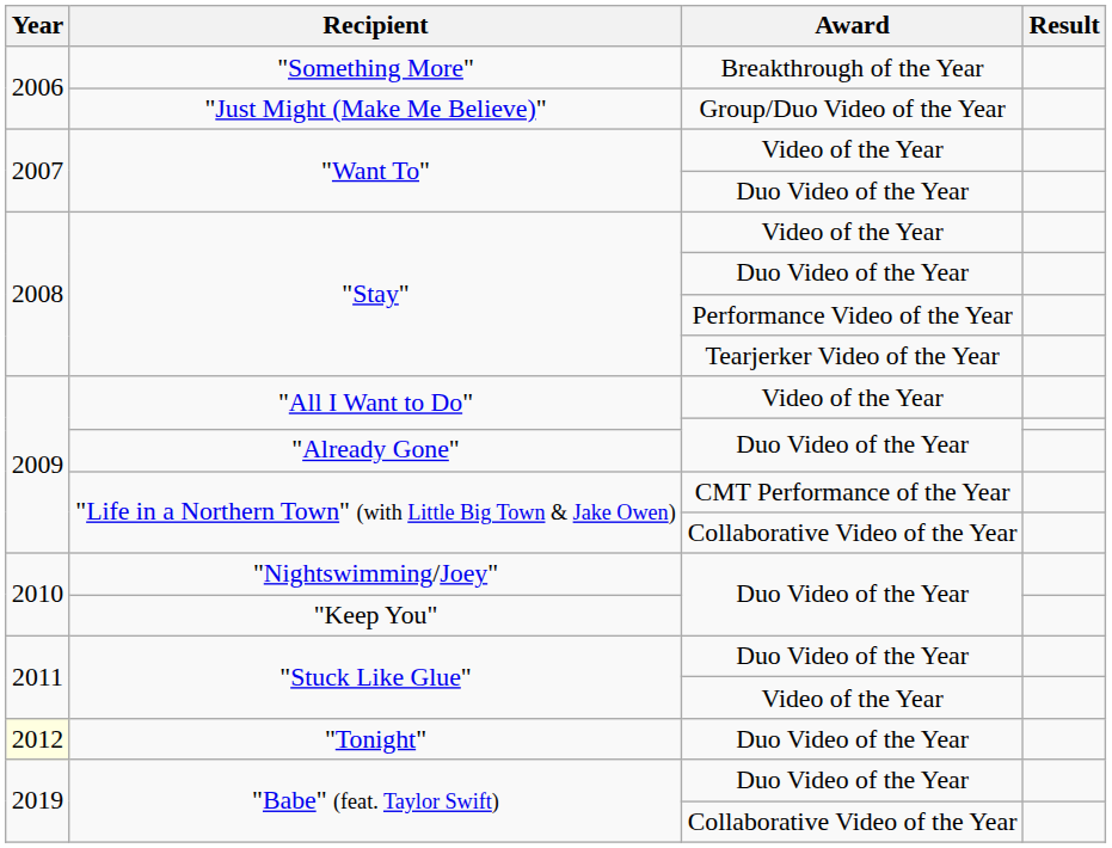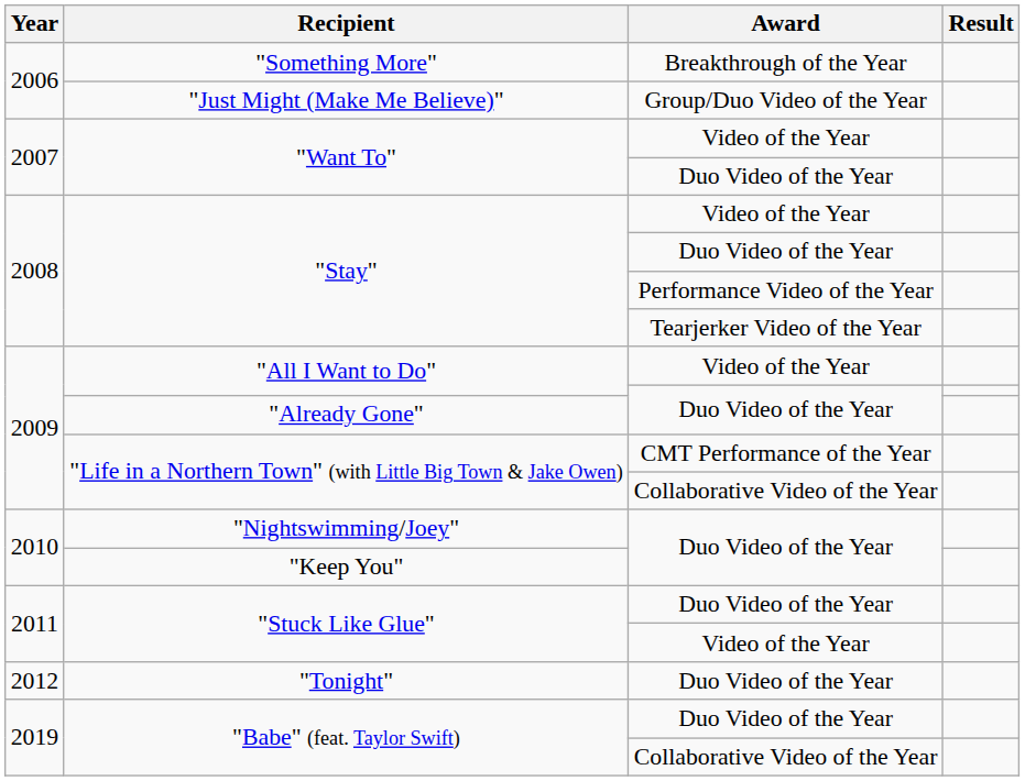 <table class="wikitable" style="text-align:center">
 <tr>
 <th>Year</th>
 <th>Recipient</th>
 <th>Award</th>
 <th>Result</th>
 </tr>
 <tr>
 <td rowspan="2">2006</td>
 <td>"<a href='#'>Something More</a>"</td>
 <td>Breakthrough of the Year</td>
 <td></td>
 </tr>
 <tr>
 <td>"<a href='#'>Just Might (Make Me Believe)</a>"</td>
 <td>Group/Duo Video of the Year</td>
 <td></td>
 </tr>
 <tr>
 <td rowspan="2">2007</td>
 <td rowspan="2">"<a href='#'>Want To</a>"</td>
 <td>Video of the Year</td>
 <td></td>
 </tr>
 <tr>
 <td>Duo Video of the Year</td>
 <td></td>
 </tr>
 <tr>
 <td rowspan="4">2008</td>
 <td rowspan="4">"<a href='#'>Stay</a>"</td>
 <td>Video of the Year</td>
 <td></td>
 </tr>
 <tr>
 <td>Duo Video of the Year</td>
 <td></td>
 </tr>
 <tr>
 <td>Performance Video of the Year</td>
 <td></td>
 </tr>
 <tr>
 <td>Tearjerker Video of the Year</td>
 <td></td>
 </tr>
 <tr>
 <td rowspan="5">2009</td>
 <td rowspan="2">"<a href='#'>All I Want to Do</a>"</td>
 <td>Video of the Year</td>
 <td></td>
 </tr>
 <tr>
 <td rowspan="2">Duo Video of the Year</td>
 <td></td>
 </tr>
 <tr>
 <td>"<a href='#'>Already Gone</a>"</td>
 <td></td>
 </tr>
 <tr>
 <td rowspan="2">"<a href='#'>Life in a Northern Town</a>" <small>(with <a href='#'>Little Big Town</a> & <a href='#'>Jake Owen</a>)</small></td>
 <td>CMT Performance of the Year</td>
 <td></td>
 </tr>
 <tr>
 <td>Collaborative Video of the Year</td>
 <td></td>
 </tr>
 <tr>
 <td rowspan="2">2010</td>
 <td>"<a href='#'>Nightswimming</a>/<a href='#'>Joey</a>"</td>
 <td rowspan="2">Duo Video of the Year</td>
 <td></td>
 </tr>
 <tr>
 <td>"Keep You"</td>
 <td></td>
 </tr>
 <tr>
 <td rowspan="2">2011</td>
 <td rowspan="2">"<a href='#'>Stuck Like Glue</a>"</td>
 <td>Duo Video of the Year</td>
 <td></td>
 </tr>
 <tr>
 <td>Video of the Year</td>
 <td></td>
 </tr>
 <tr>
-<td style="background: lightyellow;">2012</td>
+<td>2012</td>
 <td>"<a href='#'>Tonight</a>"</td>
 <td>Duo Video of the Year</td>
 <td></td>
 </tr>
 <tr>
 <td rowspan=2>2019</td>
 <td rowspan=2>"<a href='#'>Babe</a>" <small>(feat. <a href='#'>Taylor Swift</a>)</small></td>
 <td>Duo Video of the Year</td>
 <td></td>
 </tr>
 <tr>
 <td>Collaborative Video of the Year</td>
 <td></td>
 </tr>
 </table>
